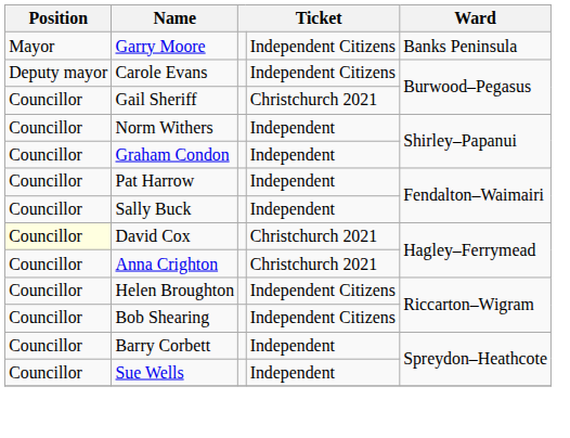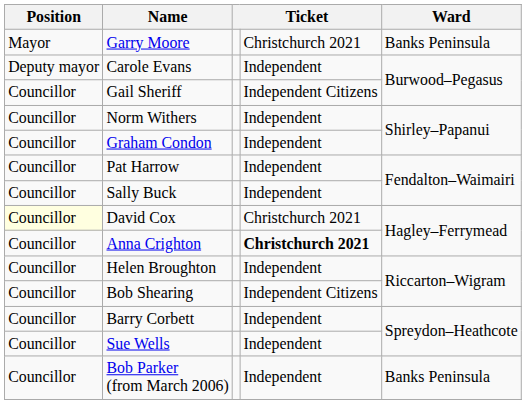 <table class="wikitable" border="1">
 <tr>
 <th>Position</th>
 <th>Name</th>
 <th Colspan=2>Ticket</th>
 <th>Ward</th>
 </tr>
 <tr>
 <td>Mayor</td>
 <td><a href='#'>Garry Moore</a></td>
 <td></td>
-<td>Independent Citizens</td>
+<td>Christchurch 2021</td>
 <td>Banks Peninsula</td>
 </tr>
 <tr>
 <td>Deputy mayor</td>
 <td>Carole Evans</td>
 <td></td>
-<td>Independent Citizens</td>
+<td>Independent</td>
 <td rowspan=2>Burwood–Pegasus</td>
 </tr>
 <tr>
 <td>Councillor</td>
 <td>Gail Sheriff</td>
 <td></td>
-<td>Christchurch 2021</td>
+<td>Independent Citizens</td>
 </tr>
 <tr>
 <td>Councillor</td>
 <td>Norm Withers</td>
 <td></td>
 <td>Independent</td>
 <td rowspan=2>Shirley–Papanui</td>
 </tr>
 <tr>
 <td>Councillor</td>
 <td><a href='#'>Graham Condon</a></td>
 <td></td>
 <td>Independent</td>
 </tr>
 <tr>
 <td>Councillor</td>
 <td>Pat Harrow</td>
 <td></td>
 <td>Independent</td>
 <td rowspan=2>Fendalton–Waimairi</td>
 </tr>
 <tr>
 <td>Councillor</td>
 <td>Sally Buck</td>
 <td></td>
 <td>Independent</td>
 </tr>
 <tr>
 <td style="background: lightyellow;">Councillor</td>
 <td>David Cox</td>
 <td></td>
 <td>Christchurch 2021</td>
 <td rowspan=2>Hagley–Ferrymead</td>
 </tr>
 <tr>
 <td>Councillor</td>
 <td><a href='#'>Anna Crighton</a></td>
 <td></td>
-<td>Christchurch 2021</td>
+<td><strong>Christchurch 2021</strong></td>
 </tr>
 <tr>
 <td>Councillor</td>
 <td>Helen Broughton</td>
 <td></td>
-<td>Independent Citizens</td>
+<td>Independent</td>
 <td rowspan=2>Riccarton–Wigram</td>
 </tr>
 <tr>
 <td>Councillor</td>
 <td>Bob Shearing</td>
 <td></td>
 <td>Independent Citizens</td>
 </tr>
 <tr>
 <td>Councillor</td>
 <td>Barry Corbett</td>
 <td></td>
 <td>Independent</td>
 <td rowspan=2>Spreydon–Heathcote</td>
 </tr>
 <tr>
 <td>Councillor</td>
 <td><a href='#'>Sue Wells</a></td>
 <td></td>
 <td>Independent</td>
 </tr>
 <tr>
+<td>Councillor</td>
+<td><a href='#'>Bob Parker</a><br>(from March 2006)</td>
+<td></td>
+<td>Independent</td>
+<td>Banks Peninsula</td>
+</tr>
+<tr>
 </tr>
 </table>
